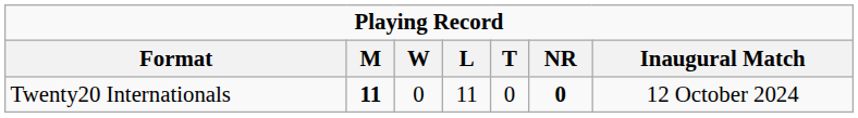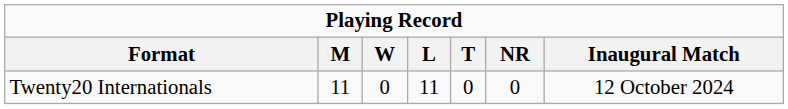 <table class="wikitable" style="text-align: center; width: 600px;">
 <tr>
 <td colspan=7 align="center"><strong>Playing Record</strong></td>
 </tr>
 <tr>
 <th>Format</th>
 <th>M</th>
 <th>W</th>
 <th>L</th>
 <th>T</th>
 <th>NR</th>
 <th>Inaugural Match</th>
 </tr>
 <tr>
 <td align="left">Twenty20 Internationals</td>
-<td><strong>11</strong></td>
+<td>11</td>
 <td>0</td>
 <td>11</td>
 <td>0</td>
-<td><strong>0</strong></td>
+<td>0</td>
 <td>12 October 2024</td>
 </tr>
 </table>
